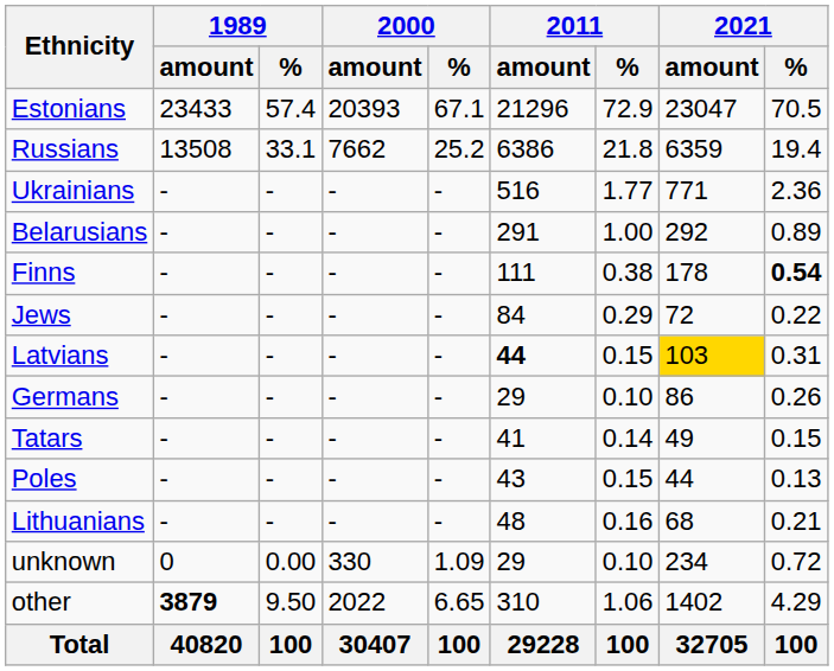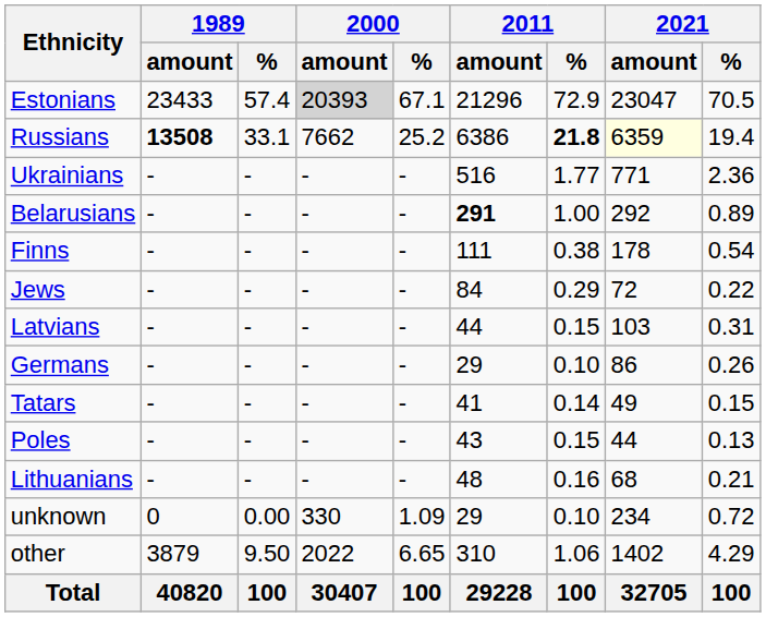 <table class="wikitable sortable mw-collapsible">
 <tr>
 <th rowspan="2">Ethnicity</th>
 <th colspan="2"><a href='#'>1989</a></th>
 <th colspan="2"><a href='#'>2000</a></th>
 <th colspan="2"><a href='#'>2011</a></th>
 <th colspan="2"><a href='#'>2021</a></th>
 </tr>
 <tr>
 <th>amount</th>
 <th>%</th>
 <th>amount</th>
 <th>%</th>
 <th>amount</th>
 <th>%</th>
 <th>amount</th>
 <th>%</th>
 </tr>
 <tr>
 <td><a href='#'>Estonians</a></td>
 <td>23433</td>
 <td>57.4</td>
-<td>20393</td>
+<td style="background: lightgrey;">20393</td>
 <td>67.1</td>
 <td>21296</td>
 <td>72.9</td>
 <td>23047</td>
 <td>70.5</td>
 </tr>
 <tr>
 <td><a href='#'>Russians</a></td>
-<td>13508</td>
+<td><strong>13508</strong></td>
 <td>33.1</td>
 <td>7662</td>
 <td>25.2</td>
 <td>6386</td>
-<td>21.8</td>
-<td>6359</td>
+<td><strong>21.8</strong></td>
+<td style="background: lightyellow;">6359</td>
 <td>19.4</td>
 </tr>
 <tr>
 <td><a href='#'>Ukrainians</a></td>
 <td>-</td>
 <td>-</td>
 <td>-</td>
 <td>-</td>
 <td>516</td>
 <td>1.77</td>
 <td>771</td>
 <td>2.36</td>
 </tr>
 <tr>
 <td><a href='#'>Belarusians</a></td>
 <td>-</td>
 <td>-</td>
 <td>-</td>
 <td>-</td>
-<td>291</td>
+<td><strong>291</strong></td>
 <td>1.00</td>
 <td>292</td>
 <td>0.89</td>
 </tr>
 <tr>
 <td><a href='#'>Finns</a></td>
 <td>-</td>
 <td>-</td>
 <td>-</td>
 <td>-</td>
 <td>111</td>
 <td>0.38</td>
 <td>178</td>
-<td><strong>0.54</strong></td>
+<td>0.54</td>
 </tr>
 <tr>
 <td><a href='#'>Jews</a></td>
 <td>-</td>
 <td>-</td>
 <td>-</td>
 <td>-</td>
 <td>84</td>
 <td>0.29</td>
 <td>72</td>
 <td>0.22</td>
 </tr>
 <tr>
 <td><a href='#'>Latvians</a></td>
 <td>-</td>
 <td>-</td>
 <td>-</td>
 <td>-</td>
-<td><strong>44</strong></td>
+<td>44</td>
 <td>0.15</td>
-<td style="background: gold;">103</td>
+<td>103</td>
 <td>0.31</td>
 </tr>
 <tr>
 <td><a href='#'>Germans</a></td>
 <td>-</td>
 <td>-</td>
 <td>-</td>
 <td>-</td>
 <td>29</td>
 <td>0.10</td>
 <td>86</td>
 <td>0.26</td>
 </tr>
 <tr>
 <td><a href='#'>Tatars</a></td>
 <td>-</td>
 <td>-</td>
 <td>-</td>
 <td>-</td>
 <td>41</td>
 <td>0.14</td>
 <td>49</td>
 <td>0.15</td>
 </tr>
 <tr>
 <td><a href='#'>Poles</a></td>
 <td>-</td>
 <td>-</td>
 <td>-</td>
 <td>-</td>
 <td>43</td>
 <td>0.15</td>
 <td>44</td>
 <td>0.13</td>
 </tr>
 <tr>
 <td><a href='#'>Lithuanians</a></td>
 <td>-</td>
 <td>-</td>
 <td>-</td>
 <td>-</td>
 <td>48</td>
 <td>0.16</td>
 <td>68</td>
 <td>0.21</td>
 </tr>
 <tr>
 <td>unknown</td>
 <td>0</td>
 <td>0.00</td>
 <td>330</td>
 <td>1.09</td>
 <td>29</td>
 <td>0.10</td>
 <td>234</td>
 <td>0.72</td>
 </tr>
 <tr>
 <td>other</td>
-<td><strong>3879</strong></td>
+<td>3879</td>
 <td>9.50</td>
 <td>2022</td>
 <td>6.65</td>
 <td>310</td>
 <td>1.06</td>
 <td>1402</td>
 <td>4.29</td>
 </tr>
 <tr>
 <th>Total</th>
 <th>40820</th>
 <th>100</th>
 <th>30407</th>
 <th>100</th>
 <th>29228</th>
 <th>100</th>
 <th>32705</th>
 <th>100</th>
 </tr>
 </table>
